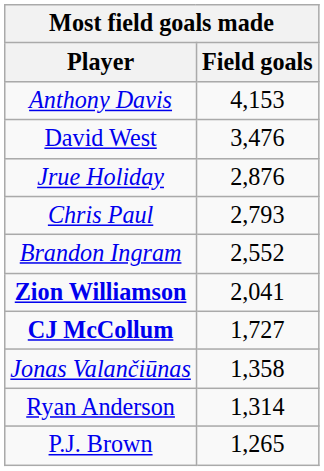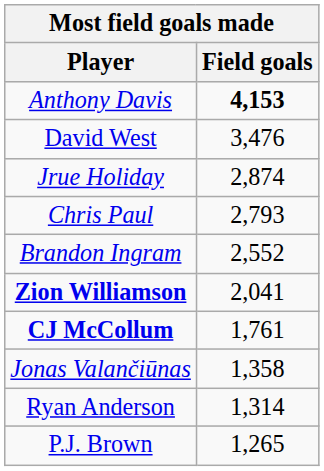 <table class="wikitable sortable" style="text-align:center">
 <tr>
 <th colspan="5">Most field goals made</th>
 </tr>
 <tr>
 <th>Player</th>
 <th>Field goals</th>
 </tr>
 <tr>
 <td><em><a href='#'>Anthony Davis</a></em></td>
-<td>4,153</td>
+<td><strong>4,153</strong></td>
 </tr>
 <tr>
 <td><a href='#'>David West</a></td>
 <td>3,476</td>
 </tr>
 <tr>
 <td><em><a href='#'>Jrue Holiday</a></em></td>
-<td>2,876</td>
+<td>2,874</td>
 </tr>
 <tr>
 <td><em><a href='#'>Chris Paul</a></em></td>
 <td>2,793</td>
 </tr>
 <tr>
 <td><em><a href='#'>Brandon Ingram</a></em></td>
 <td>2,552</td>
 </tr>
 <tr>
 <td><strong><a href='#'>Zion Williamson</a></strong></td>
 <td>2,041</td>
 </tr>
 <tr>
 <td><strong><a href='#'>CJ McCollum</a></strong></td>
-<td>1,727</td>
+<td>1,761</td>
 </tr>
 <tr>
 <td><em><a href='#'>Jonas Valančiūnas</a></em></td>
 <td>1,358</td>
 </tr>
 <tr>
 <td><a href='#'>Ryan Anderson</a></td>
 <td>1,314</td>
 </tr>
 <tr>
 <td><a href='#'>P.J. Brown</a></td>
 <td>1,265</td>
 </tr>
 </table>
